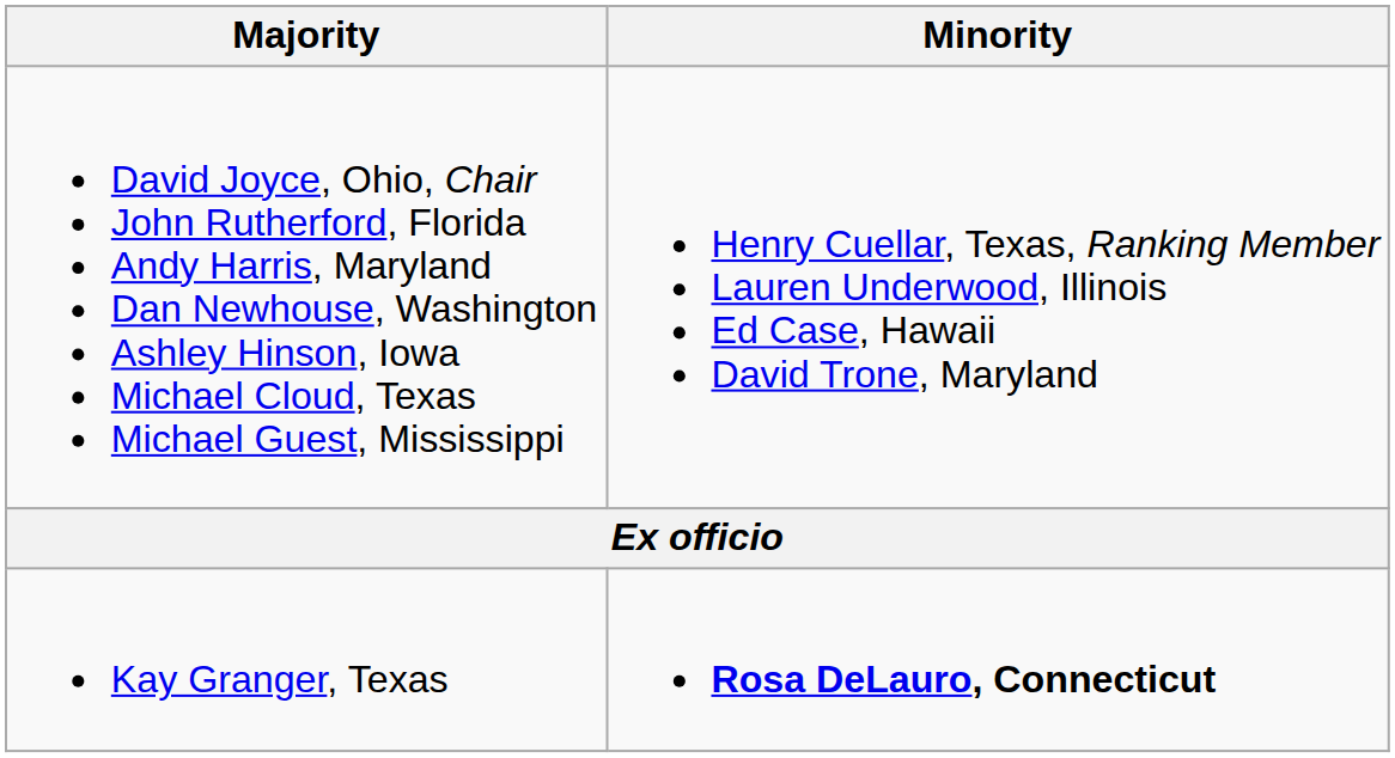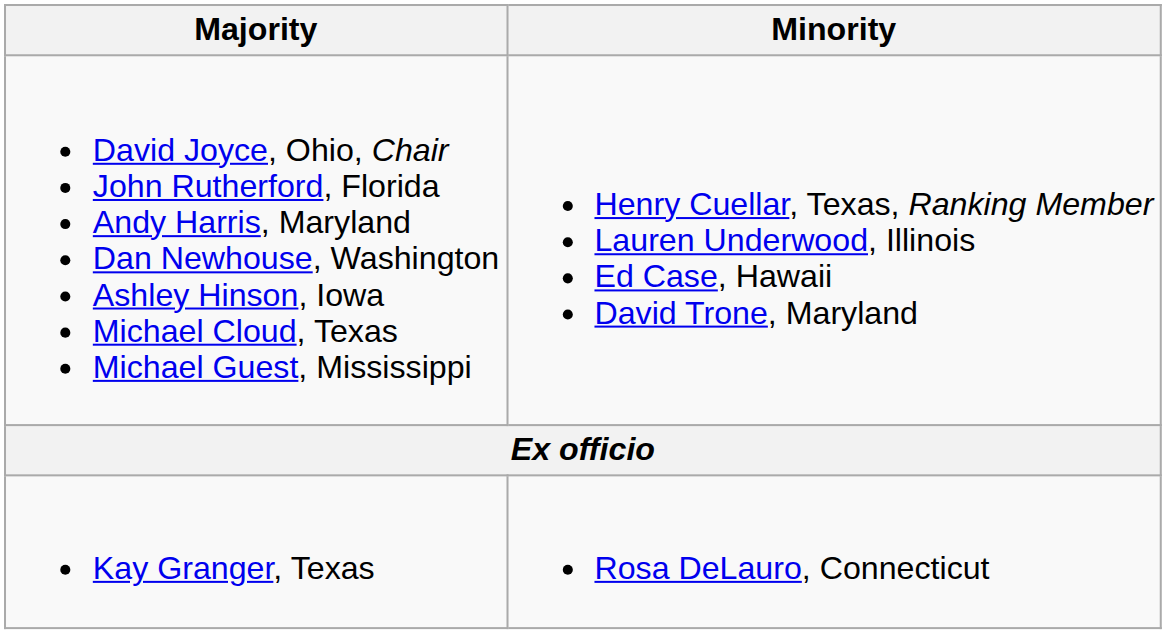 <table class=wikitable>
 <tr>
 <th>Majority</th>
 <th>Minority</th>
 </tr>
 <tr>
 <td><br><ul><li><a href='#'>David Joyce</a>, Ohio, <em>Chair</em></li><li><a href='#'>John Rutherford</a>, Florida</li><li><a href='#'>Andy Harris</a>, Maryland</li><li><a href='#'>Dan Newhouse</a>, Washington</li><li><a href='#'>Ashley Hinson</a>, Iowa</li><li><a href='#'>Michael Cloud</a>, Texas</li><li><a href='#'>Michael Guest</a>, Mississippi</li></ul></td>
 <td><br><ul><li><a href='#'>Henry Cuellar</a>, Texas, <em>Ranking Member</em></li><li><a href='#'>Lauren Underwood</a>, Illinois</li><li><a href='#'>Ed Case</a>, Hawaii</li><li><a href='#'>David Trone</a>, Maryland</li></ul></td>
 </tr>
 <tr>
 <th colspan=2><em>Ex officio</em></th>
 </tr>
 <tr>
 <td><br><ul><li><a href='#'>Kay Granger</a>, Texas</li></ul></td>
-<td><strong><br><ul><li><a href='#'>Rosa DeLauro</a>, Connecticut</li></ul></strong></td>
+<td><br><ul><li><a href='#'>Rosa DeLauro</a>, Connecticut</li></ul></td>
 </tr>
 </table>
